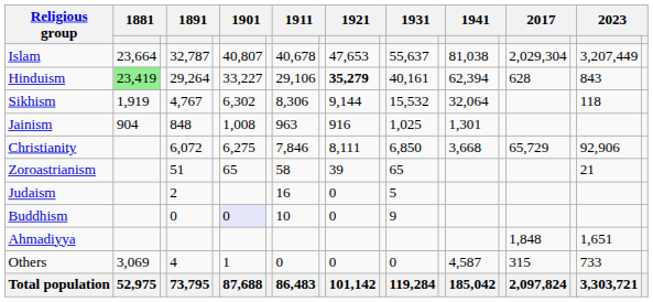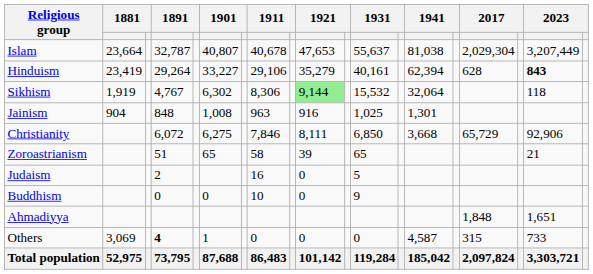 <table class="wikitable collapsible sortable">
 <tr>
 <th rowspan="2"><a href='#'>Religious</a><br>group</th>
 <th colspan="2">1881</th>
 <th colspan="2">1891</th>
 <th colspan="2">1901</th>
 <th colspan="2">1911</th>
 <th colspan="2">1921</th>
 <th colspan="2">1931</th>
 <th colspan="2">1941</th>
 <th colspan="2">2017</th>
 <th colspan="2">2023</th>
 </tr>
 <tr>
 <th><a href='#'></a></th>
 <th></th>
 <th></th>
 <th></th>
 <th></th>
 <th></th>
 <th></th>
 <th></th>
 <th></th>
 <th></th>
 <th></th>
 <th></th>
 <th></th>
 <th></th>
 <th></th>
 <th></th>
 <th></th>
 <th></th>
 </tr>
 <tr>
 <td><a href='#'>Islam</a> </td>
 <td>23,664</td>
 <td></td>
 <td>32,787</td>
 <td></td>
 <td>40,807</td>
 <td></td>
 <td>40,678</td>
 <td></td>
 <td>47,653</td>
 <td></td>
 <td>55,637</td>
 <td></td>
 <td>81,038</td>
 <td></td>
 <td>2,029,304</td>
 <td></td>
 <td>3,207,449</td>
 <td></td>
 </tr>
 <tr>
 <td><a href='#'>Hinduism</a> </td>
-<td style="background: lightgreen;">23,419</td>
+<td>23,419</td>
 <td></td>
 <td>29,264</td>
 <td></td>
 <td>33,227</td>
 <td></td>
 <td>29,106</td>
 <td></td>
-<td><strong>35,279</strong></td>
+<td>35,279</td>
 <td></td>
 <td>40,161</td>
 <td></td>
 <td>62,394</td>
 <td></td>
 <td>628</td>
 <td></td>
-<td>843</td>
+<td><strong>843</strong></td>
 <td></td>
 </tr>
 <tr>
 <td><a href='#'>Sikhism</a> </td>
 <td>1,919</td>
 <td></td>
 <td>4,767</td>
 <td></td>
 <td>6,302</td>
 <td></td>
 <td>8,306</td>
 <td></td>
-<td>9,144</td>
+<td style="background: lightgreen;">9,144</td>
 <td></td>
 <td>15,532</td>
 <td></td>
 <td>32,064</td>
 <td></td>
 <td></td>
 <td></td>
 <td>118</td>
 <td></td>
 </tr>
 <tr>
 <td><a href='#'>Jainism</a> </td>
 <td>904</td>
 <td></td>
 <td>848</td>
 <td></td>
 <td>1,008</td>
 <td></td>
 <td>963</td>
 <td></td>
 <td>916</td>
 <td></td>
 <td>1,025</td>
 <td></td>
 <td>1,301</td>
 <td></td>
 <td></td>
 <td></td>
 <td></td>
 <td></td>
 </tr>
 <tr>
 <td><a href='#'>Christianity</a> </td>
 <td></td>
 <td></td>
 <td>6,072</td>
 <td></td>
 <td>6,275</td>
 <td></td>
 <td>7,846</td>
 <td></td>
 <td>8,111</td>
 <td></td>
 <td>6,850</td>
 <td></td>
 <td>3,668</td>
 <td></td>
 <td>65,729</td>
 <td></td>
 <td>92,906</td>
 <td></td>
 </tr>
 <tr>
 <td><a href='#'>Zoroastrianism</a> </td>
 <td></td>
 <td></td>
 <td>51</td>
 <td></td>
 <td>65</td>
 <td></td>
 <td>58</td>
 <td></td>
 <td>39</td>
 <td></td>
 <td>65</td>
 <td></td>
 <td></td>
 <td></td>
 <td></td>
 <td></td>
 <td>21</td>
 <td></td>
 </tr>
 <tr>
 <td><a href='#'>Judaism</a> </td>
 <td></td>
 <td></td>
 <td>2</td>
 <td></td>
 <td></td>
 <td></td>
 <td>16</td>
 <td></td>
 <td>0</td>
 <td></td>
 <td>5</td>
 <td></td>
 <td></td>
 <td></td>
 <td></td>
 <td></td>
 <td></td>
 <td></td>
 </tr>
 <tr>
 <td><a href='#'>Buddhism</a> </td>
 <td></td>
 <td></td>
 <td>0</td>
 <td></td>
-<td style="background: lavender;">0</td>
+<td>0</td>
 <td></td>
 <td>10</td>
 <td></td>
 <td>0</td>
 <td></td>
 <td>9</td>
 <td></td>
 <td></td>
 <td></td>
 <td></td>
 <td></td>
 <td></td>
 <td></td>
 </tr>
 <tr>
 <td><a href='#'>Ahmadiyya</a> </td>
 <td></td>
 <td></td>
 <td></td>
 <td></td>
 <td></td>
 <td></td>
 <td></td>
 <td></td>
 <td></td>
 <td></td>
 <td></td>
 <td></td>
 <td></td>
 <td></td>
 <td>1,848</td>
 <td></td>
 <td>1,651</td>
 <td></td>
 </tr>
 <tr>
 <td>Others</td>
 <td>3,069</td>
 <td></td>
-<td>4</td>
+<td><strong>4</strong></td>
 <td></td>
 <td>1</td>
 <td></td>
 <td>0</td>
 <td></td>
 <td>0</td>
 <td></td>
 <td>0</td>
 <td></td>
 <td>4,587</td>
 <td></td>
 <td>315</td>
 <td></td>
 <td>733</td>
 <td></td>
 </tr>
 <tr>
 <th>Total population</th>
 <th>52,975</th>
 <th></th>
 <th>73,795</th>
 <th></th>
 <th>87,688</th>
 <th></th>
 <th>86,483</th>
 <th></th>
 <th>101,142</th>
 <th></th>
 <th>119,284</th>
 <th></th>
 <th>185,042</th>
 <th></th>
 <th>2,097,824</th>
 <th></th>
 <th>3,303,721</th>
 <th></th>
 </tr>
 </table>
